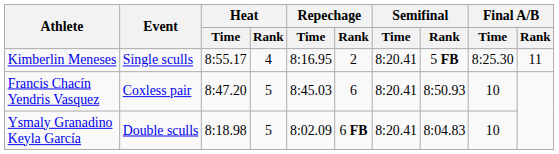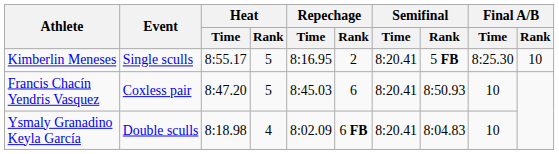 <table class=wikitable style=font-size:90%;text-align:center>
 <tr>
 <th rowspan=2>Athlete</th>
 <th rowspan=2>Event</th>
 <th colspan=2>Heat</th>
 <th colspan=2>Repechage</th>
 <th colspan=2>Semifinal</th>
 <th colspan=2>Final A/B</th>
 </tr>
 <tr style=font-size:95%>
 <th>Time</th>
 <th>Rank</th>
 <th>Time</th>
 <th>Rank</th>
 <th>Time</th>
 <th>Rank</th>
 <th>Time</th>
 <th>Rank</th>
 </tr>
 <tr>
 <td align=left><a href='#'>Kimberlin Meneses</a></td>
 <td align=left><a href='#'>Single sculls</a></td>
 <td>8:55.17</td>
-<td>4</td>
+<td>5</td>
 <td>8:16.95</td>
 <td>2</td>
 <td>8:20.41</td>
 <td>5 <strong>FB</strong></td>
 <td>8:25.30</td>
-<td>11</td>
+<td>10</td>
 </tr>
 <tr>
 <td align=left><a href='#'>Francis Chacín</a><br><a href='#'>Yendris Vasquez</a></td>
 <td align=left><a href='#'>Coxless pair</a></td>
 <td>8:47.20</td>
 <td>5</td>
 <td>8:45.03</td>
 <td>6</td>
 <td>8:20.41</td>
 <td>8:50.93</td>
 <td>10</td>
 </tr>
 <tr>
 <td align=left><a href='#'>Ysmaly Granadino</a><br><a href='#'>Keyla García</a></td>
 <td align=left><a href='#'>Double sculls</a></td>
 <td>8:18.98</td>
-<td>5</td>
+<td>4</td>
 <td>8:02.09</td>
 <td>6 <strong>FB</strong></td>
 <td>8:20.41</td>
 <td>8:04.83</td>
 <td>10</td>
 </tr>
 </table>
